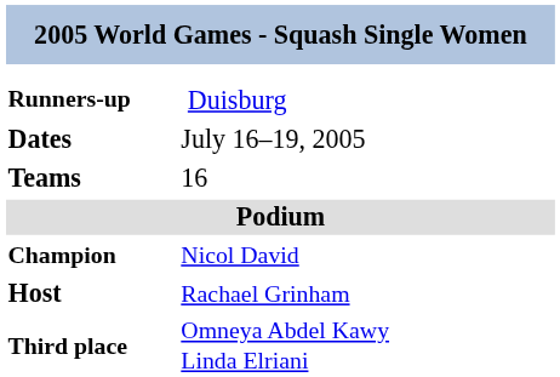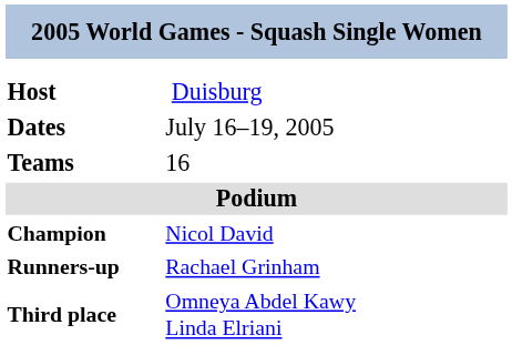 <table class="toccolours" style="float: right; margin: 0 0 1em 1em; font-size: 90%;" width=300px>
 <tr>
 <td colspan="2" style="background: #B0C4DE; text-align: center;" height=30px><strong>2005 World Games -  Squash Single Women</strong></td>
 </tr>
 <tr>
 <td colspan="2" style="text-align: center;"></td>
 </tr>
 <tr style="vertical-align:top;">
 <td colspan=2></td>
 </tr>
 <tr style="vertical-align:top;">
-<td style=font-size:90% width=100> <strong>Runners-up</strong></td>
+<td><strong>Host</strong></td>
 <td> <a href='#'>Duisburg</a></td>
 </tr>
 <tr style="vertical-align:top;">
 <td><strong>Dates</strong></td>
 <td>July 16–19, 2005</td>
 </tr>
 <tr style="vertical-align:top;">
 <td width=90><strong>Teams</strong></td>
 <td>16</td>
 </tr>
 <tr>
 <td colspan="2" style="background: #dedede; text-align: center;"><strong>Podium</strong></td>
 </tr>
 <tr style="vertical-align:top;">
 <td style=font-size:90% width=100> <strong>Champion</strong></td>
 <td style=font-size:90% width=250> <a href='#'>Nicol David</a></td>
 </tr>
 <tr>
-<td><strong>Host</strong></td>
+<td style=font-size:90% width=100> <strong>Runners-up</strong></td>
 <td style=font-size:90% width=250> <a href='#'>Rachael Grinham</a></td>
 </tr>
 <tr>
 <td style=font-size:90% width=100> <strong>Third place</strong></td>
 <td style=font-size:90% width=250> <a href='#'>Omneya Abdel Kawy</a> <br>  <a href='#'>Linda Elriani</a></td>
 </tr>
 </table>
